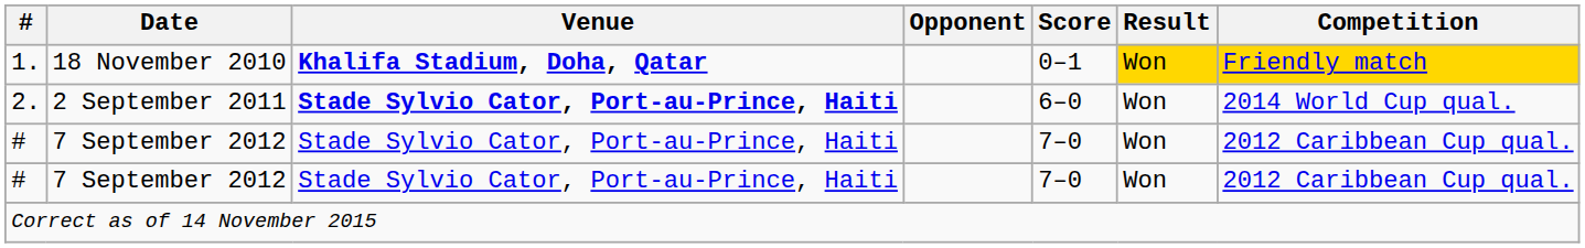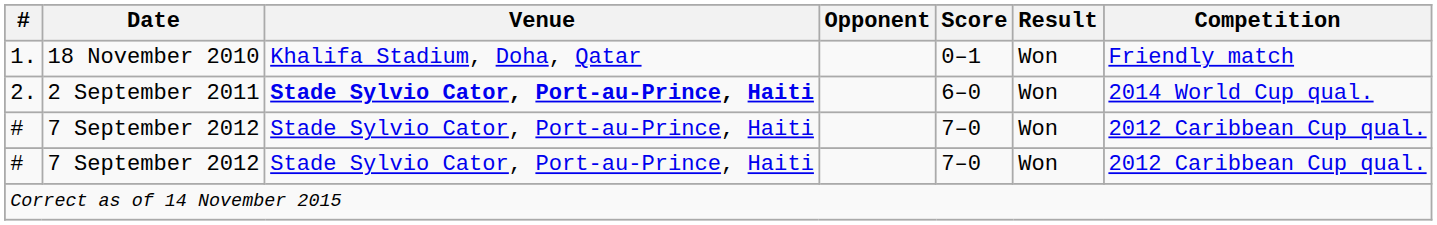 <table class="wikitable" style="font-size:95%;">
 <tr>
 <th>#</th>
 <th>Date</th>
 <th>Venue</th>
 <th>Opponent</th>
 <th>Score</th>
 <th>Result</th>
 <th>Competition</th>
 </tr>
 <tr>
 <td>1.</td>
 <td>18 November 2010</td>
-<td><strong><a href='#'>Khalifa Stadium</a>, <a href='#'>Doha</a>, <a href='#'>Qatar</a></strong></td>
+<td><a href='#'>Khalifa Stadium</a>, <a href='#'>Doha</a>, <a href='#'>Qatar</a></td>
 <td></td>
 <td>0–1</td>
-<td style="background: gold;">Won</td>
-<td style="background: gold;"><a href='#'>Friendly match</a></td>
+<td>Won</td>
+<td><a href='#'>Friendly match</a></td>
 </tr>
 <tr>
 <td>2.</td>
 <td>2 September 2011</td>
 <td><strong><a href='#'>Stade Sylvio Cator</a>, <a href='#'>Port-au-Prince</a>, <a href='#'>Haiti</a></strong></td>
 <td></td>
 <td>6–0</td>
 <td>Won</td>
 <td><a href='#'>2014 World Cup qual.</a></td>
 </tr>
 <tr>
 <td>#</td>
 <td>7 September 2012</td>
 <td><a href='#'>Stade Sylvio Cator</a>, <a href='#'>Port-au-Prince</a>, <a href='#'>Haiti</a></td>
 <td></td>
 <td>7–0</td>
 <td>Won</td>
 <td><a href='#'>2012 Caribbean Cup qual.</a></td>
 </tr>
 <tr>
 <td>#</td>
 <td>7 September 2012</td>
 <td><a href='#'>Stade Sylvio Cator</a>, <a href='#'>Port-au-Prince</a>, <a href='#'>Haiti</a></td>
 <td></td>
 <td>7–0</td>
 <td>Won</td>
 <td><a href='#'>2012 Caribbean Cup qual.</a></td>
 </tr>
 <tr>
 <td colspan="12"><small><em>Correct as of 14 November 2015</em></small></td>
 </tr>
 </table>
